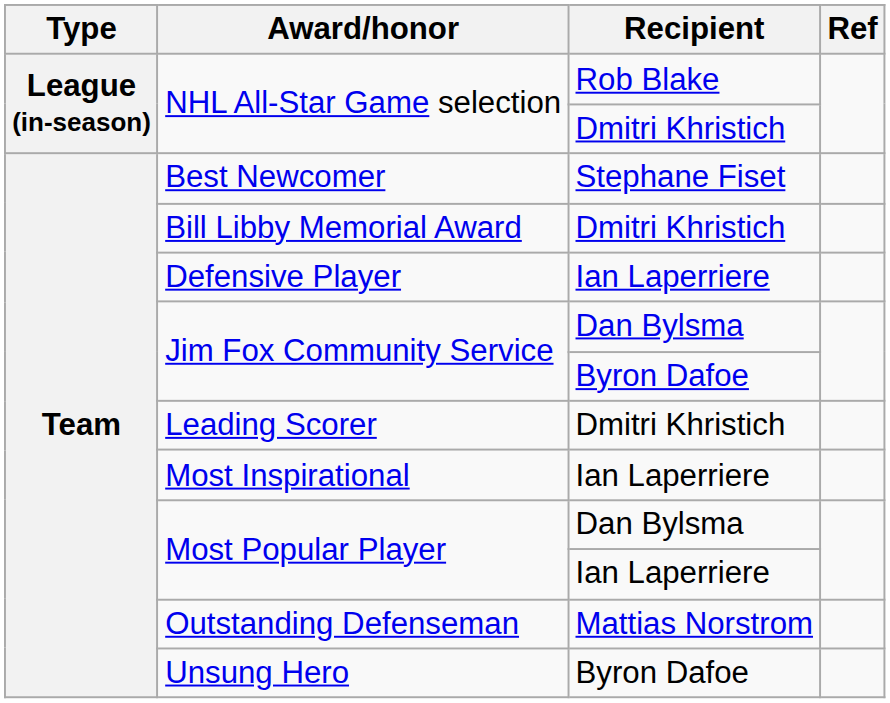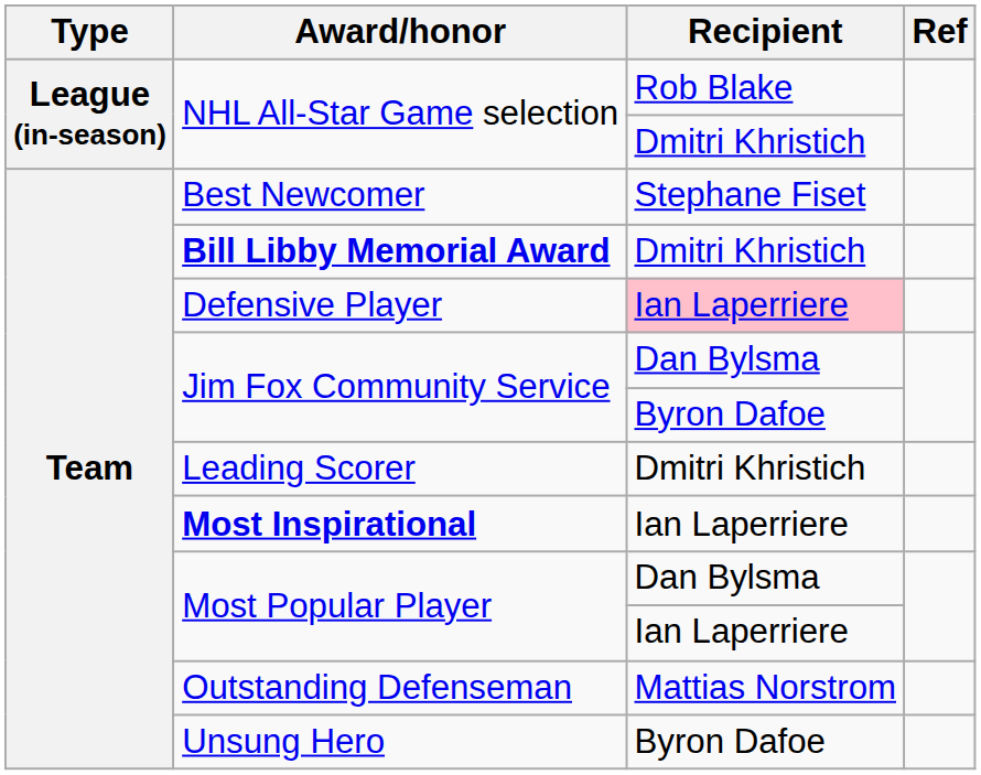 <table class="wikitable">
 <tr>
 <th scope="col">Type</th>
 <th scope="col">Award/honor</th>
 <th scope="col">Recipient</th>
 <th scope="col">Ref</th>
 </tr>
 <tr>
 <th scope="row" rowspan="2">League<br><small>(in-season)</small></th>
 <td rowspan="2"><a href='#'>NHL All-Star Game</a> selection</td>
 <td><a href='#'>Rob Blake</a></td>
 <td rowspan="2"></td>
 </tr>
 <tr>
 <td><a href='#'>Dmitri Khristich</a></td>
 </tr>
 <tr>
 <th scope="row" rowspan="11">Team</th>
 <td><a href='#'>Best Newcomer</a></td>
 <td><a href='#'>Stephane Fiset</a></td>
 <td></td>
 </tr>
 <tr>
-<td><a href='#'>Bill Libby Memorial Award</a></td>
+<td><strong><a href='#'>Bill Libby Memorial Award</a></strong></td>
 <td><a href='#'>Dmitri Khristich</a></td>
 <td></td>
 </tr>
 <tr>
 <td><a href='#'>Defensive Player</a></td>
-<td><a href='#'>Ian Laperriere</a></td>
+<td style="background: pink;"><a href='#'>Ian Laperriere</a></td>
 <td></td>
 </tr>
 <tr>
 <td rowspan="2"><a href='#'>Jim Fox Community Service</a></td>
 <td><a href='#'>Dan Bylsma</a></td>
 <td rowspan="2"></td>
 </tr>
 <tr>
 <td><a href='#'>Byron Dafoe</a></td>
 </tr>
 <tr>
 <td><a href='#'>Leading Scorer</a></td>
 <td>Dmitri Khristich</td>
 <td></td>
 </tr>
 <tr>
-<td><a href='#'>Most Inspirational</a></td>
+<td><strong><a href='#'>Most Inspirational</a></strong></td>
 <td>Ian Laperriere</td>
 <td></td>
 </tr>
 <tr>
 <td rowspan="2"><a href='#'>Most Popular Player</a></td>
 <td>Dan Bylsma</td>
 <td rowspan="2"></td>
 </tr>
 <tr>
 <td>Ian Laperriere</td>
 </tr>
 <tr>
 <td><a href='#'>Outstanding Defenseman</a></td>
 <td><a href='#'>Mattias Norstrom</a></td>
 <td></td>
 </tr>
 <tr>
 <td><a href='#'>Unsung Hero</a></td>
 <td>Byron Dafoe</td>
 <td></td>
 </tr>
 </table>
